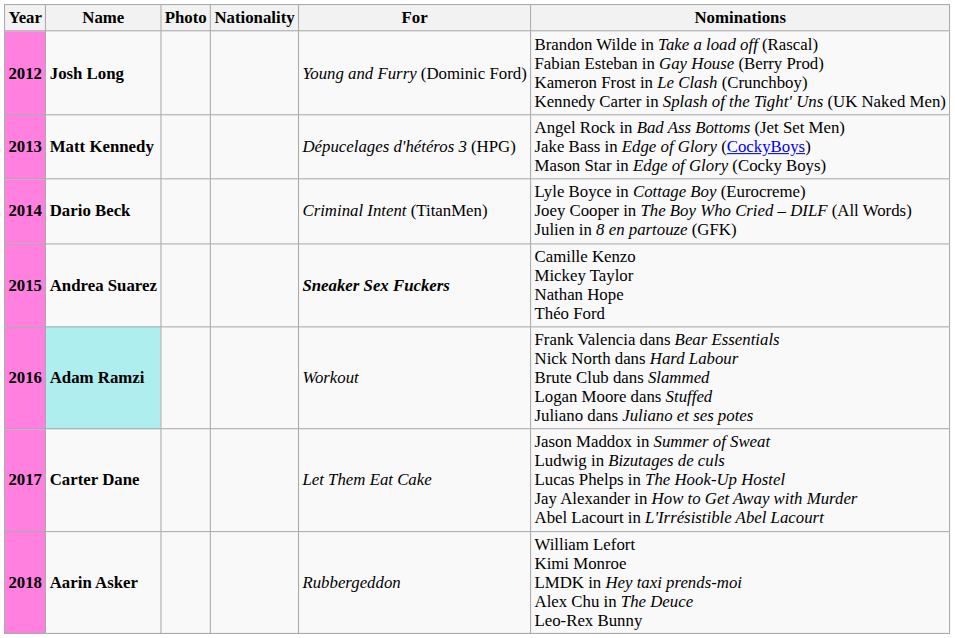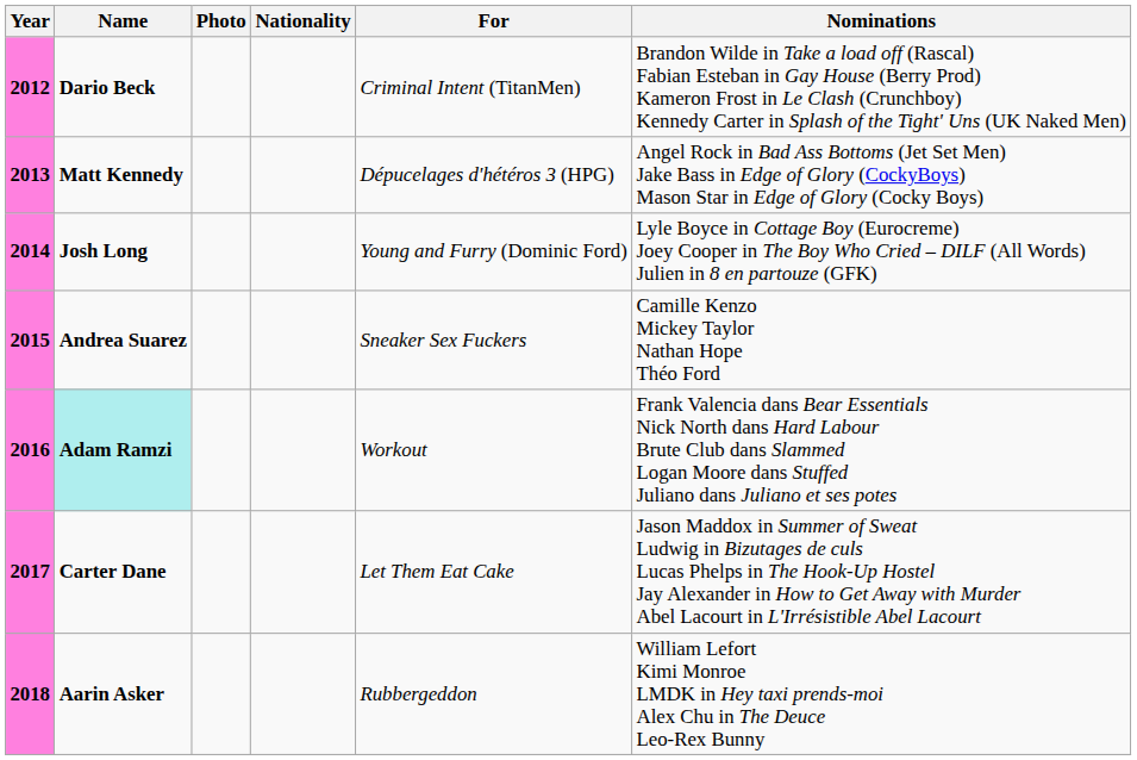 <table class="wikitable">
 <tr>
 <th>Year</th>
 <th>Name</th>
 <th>Photo</th>
 <th>Nationality</th>
 <th>For</th>
 <th>Nominations</th>
 </tr>
 <tr>
 <th style="background-color: #FF80DF">2012</th>
-<td><strong>Josh Long</strong></td>
+<td><strong>Dario Beck</strong></td>
 <td></td>
 <td align=center></td>
-<td><em>Young and Furry</em> (Dominic Ford)</td>
+<td><em>Criminal Intent</em> (TitanMen)</td>
 <td>Brandon Wilde in <em>Take a load off</em> (Rascal) <br>Fabian Esteban in <em>Gay House</em> (Berry Prod)<br>Kameron Frost in <em>Le Clash</em> (Crunchboy)<br>Kennedy Carter in <em>Splash of the Tight' Uns</em> (UK Naked Men)</td>
 </tr>
 <tr>
 <th style="background-color: #FF80DF">2013</th>
 <td><strong>Matt Kennedy</strong></td>
 <td></td>
 <td align=center></td>
 <td><em>Dépucelages d'hétéros 3</em> (HPG)</td>
 <td>Angel Rock in <em>Bad Ass Bottoms</em> (Jet Set Men)<br>Jake Bass in <em>Edge of Glory</em> (<a href='#'>CockyBoys</a>)<br>Mason Star in <em>Edge of Glory</em> (Cocky Boys)</td>
 </tr>
 <tr>
 <th style="background-color: #FF80DF">2014</th>
-<td><strong>Dario Beck</strong></td>
+<td><strong>Josh Long</strong></td>
 <td></td>
 <td align=center></td>
-<td><em>Criminal Intent</em> (TitanMen)</td>
+<td><em>Young and Furry</em> (Dominic Ford)</td>
 <td>Lyle Boyce in <em>Cottage Boy</em> (Eurocreme)<br>Joey Cooper in <em>The Boy Who Cried – DILF</em> (All Words)<br>Julien in <em>8 en partouze</em> (GFK)</td>
 </tr>
 <tr>
 <th style="background-color: #FF80DF">2015</th>
 <td><strong>Andrea Suarez</strong></td>
 <td></td>
 <td align=center></td>
-<td><strong><em>Sneaker Sex Fuckers</em></strong></td>
+<td><em>Sneaker Sex Fuckers</em></td>
 <td>Camille Kenzo<br>Mickey Taylor<br>Nathan Hope<br>Théo Ford</td>
 </tr>
 <tr>
 <th style="background-color: #FF80DF">2016</th>
 <td style="background: paleturquoise;"><strong>Adam Ramzi</strong></td>
 <td></td>
 <td></td>
 <td><em>Workout</em></td>
 <td>Frank Valencia dans <em>Bear Essentials</em><br>Nick North dans <em>Hard Labour</em><br>Brute Club dans <em>Slammed</em><br>Logan Moore dans <em>Stuffed</em><br>Juliano dans <em>Juliano et ses potes</em></td>
 </tr>
 <tr>
 <th style="background-color: #FF80DF">2017</th>
 <td><strong>Carter Dane</strong></td>
 <td></td>
 <td></td>
 <td><em>Let Them Eat Cake</em></td>
 <td>Jason Maddox in <em>Summer of Sweat</em><br>Ludwig in <em>Bizutages de culs</em><br>Lucas Phelps in <em>The Hook-Up Hostel</em><br>Jay Alexander in <em>How to Get Away with Murder</em><br>Abel Lacourt in <em>L'Irrésistible Abel Lacourt</em></td>
 </tr>
 <tr>
 <th style="background-color: #FF80DF">2018</th>
 <td><strong>Aarin Asker</strong></td>
 <td></td>
 <td></td>
 <td><em>Rubbergeddon</em></td>
 <td>William Lefort<br>Kimi Monroe<br>LMDK in <em>Hey taxi prends-moi</em><br>Alex Chu in <em>The Deuce</em><br>Leo-Rex Bunny</td>
 </tr>
 <tr>
 </tr>
 </table>
